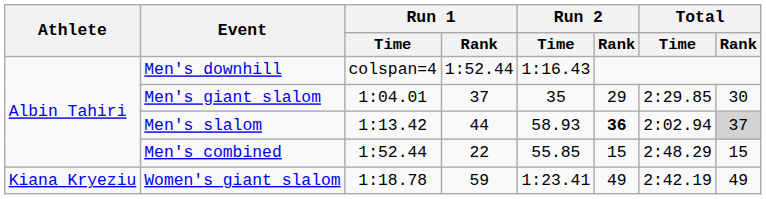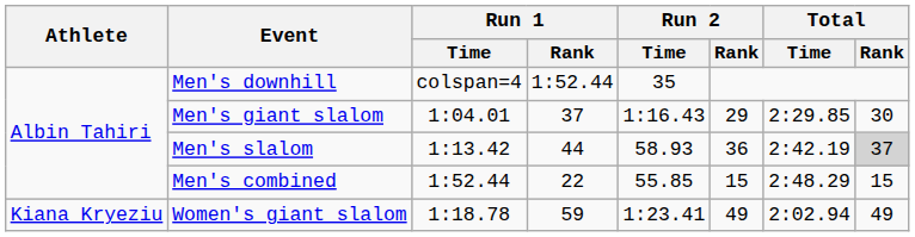 <table class="wikitable" style="font-size:90%">
 <tr>
 <th rowspan=2>Athlete</th>
 <th rowspan=2>Event</th>
 <th colspan=2>Run 1</th>
 <th colspan=2>Run 2</th>
 <th colspan=2>Total</th>
 </tr>
 <tr style="font-size:95%">
 <th>Time</th>
 <th>Rank</th>
 <th>Time</th>
 <th>Rank</th>
 <th>Time</th>
 <th>Rank</th>
 </tr>
 <tr align=center>
 <td align=left rowspan=4><a href='#'>Albin Tahiri</a></td>
 <td align=left><a href='#'>Men's downhill</a></td>
 <td>colspan=4 </td>
 <td>1:52.44</td>
-<td>1:16.43</td>
+<td>35</td>
 </tr>
 <tr align=center>
 <td align=left><a href='#'>Men's giant slalom</a></td>
 <td>1:04.01</td>
 <td>37</td>
-<td>35</td>
+<td>1:16.43</td>
 <td>29</td>
 <td>2:29.85</td>
 <td>30</td>
 </tr>
 <tr align=center>
 <td align=left><a href='#'>Men's slalom</a></td>
 <td>1:13.42</td>
 <td>44</td>
 <td>58.93</td>
-<td><strong>36</strong></td>
-<td>2:02.94</td>
+<td>36</td>
+<td>2:42.19</td>
 <td style="background: lightgrey;">37</td>
 </tr>
 <tr align=center>
 <td align=left><a href='#'>Men's combined</a></td>
 <td>1:52.44</td>
 <td>22</td>
 <td>55.85</td>
 <td>15</td>
 <td>2:48.29</td>
 <td>15</td>
 </tr>
 <tr align=center>
 <td align=left><a href='#'>Kiana Kryeziu</a></td>
 <td align=left><a href='#'>Women's giant slalom</a></td>
 <td>1:18.78</td>
 <td>59</td>
 <td>1:23.41</td>
 <td>49</td>
-<td>2:42.19</td>
+<td>2:02.94</td>
 <td>49</td>
 </tr>
 </table>
